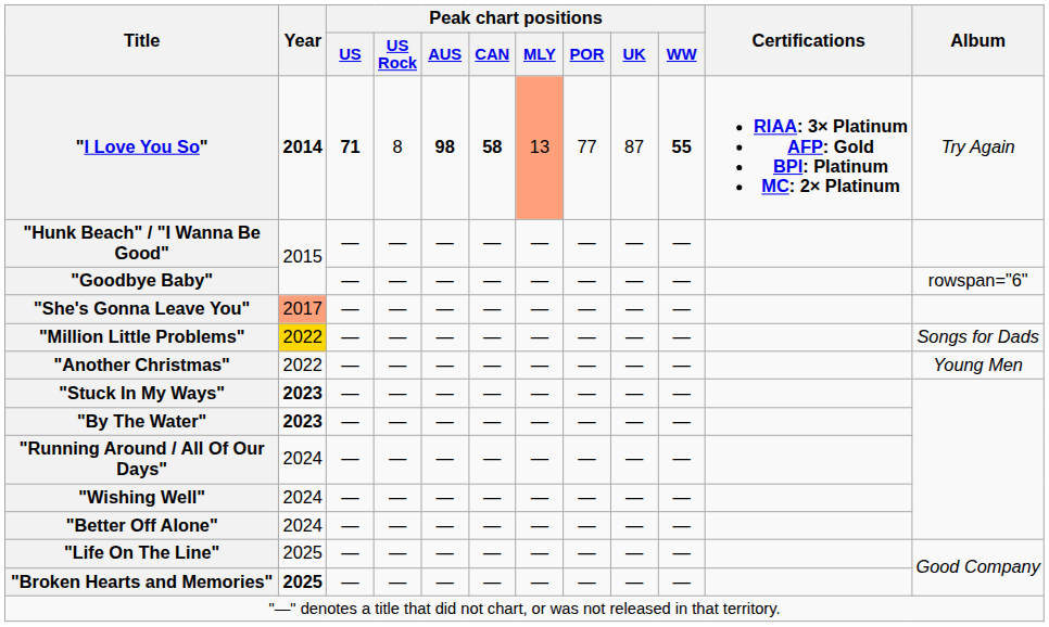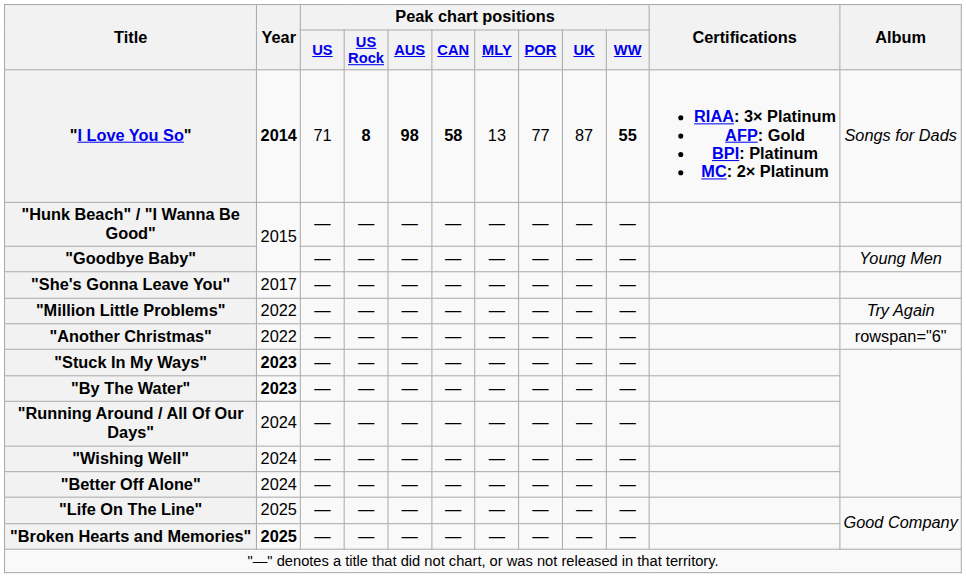 <table class="wikitable plainrowheaders" style="text-align:center;">
 <tr>
 <th scope="col" rowspan="2" style="width:15em;">Title</th>
 <th scope="col" rowspan="2">Year</th>
 <th scope="col" colspan="8">Peak chart positions</th>
 <th scope="col" rowspan="2">Certifications</th>
 <th scope="col" rowspan="2">Album</th>
 </tr>
 <tr>
 <th scope="col" style="width:2.5em;font-size:90%;"><a href='#'>US</a><br></th>
 <th scope="col" style="width:2.5em;font-size:90%;"><a href='#'>US<br>Rock</a><br></th>
 <th scope="col" style="width:2.5em;font-size:90%;"><a href='#'>AUS</a><br></th>
 <th scope="col" style="width:2.5em;font-size:90%;"><a href='#'>CAN</a><br></th>
 <th scope="col" style="width:2.5em;font-size:90%;"><a href='#'>MLY</a><br></th>
 <th scope="col" style="width:2.5em;font-size:90%;"><a href='#'>POR</a><br></th>
 <th scope="col" style="width:2.5em;font-size:90%;"><a href='#'>UK</a><br></th>
 <th scope="col" style="width:2.5em;font-size:90%;"><a href='#'>WW</a><br></th>
 </tr>
 <tr>
 <th scope="row">"<a href='#'>I Love You So</a>"</th>
 <td><strong>2014</strong></td>
-<td><strong>71</strong></td>
-<td>8</td>
+<td>71</td>
+<td><strong>8</strong></td>
 <td><strong>98</strong></td>
 <td><strong>58</strong></td>
-<td style="background: lightsalmon;">13</td>
+<td>13</td>
 <td>77</td>
 <td>87</td>
 <td><strong>55</strong></td>
 <td><strong><br><ul><li><a href='#'>RIAA</a>: 3× Platinum</li><li><a href='#'>AFP</a>: Gold</li><li><a href='#'>BPI</a>: Platinum</li><li><a href='#'>MC</a>: 2× Platinum</li></ul></strong></td>
-<td><em>Try Again</em></td>
+<td><em>Songs for Dads</em></td>
 </tr>
 <tr>
 <th scope="row">"Hunk Beach" / "I Wanna Be Good"</th>
 <td rowspan="2">2015</td>
 <td>—</td>
 <td>—</td>
 <td>—</td>
 <td>—</td>
 <td>—</td>
 <td>—</td>
 <td>—</td>
 <td>—</td>
 <td></td>
 <td></td>
 </tr>
 <tr>
 <th scope="row">"Goodbye Baby"</th>
 <td>—</td>
 <td>—</td>
 <td>—</td>
 <td>—</td>
 <td>—</td>
 <td>—</td>
 <td>—</td>
 <td>—</td>
 <td></td>
-<td>rowspan="6" </td>
+<td><em>Young Men</em></td>
 </tr>
 <tr twoja stara kurwa>
 <th scope="row">"She's Gonna Leave You"</th>
-<td style="background: lightsalmon;">2017</td>
+<td>2017</td>
 <td>—</td>
 <td>—</td>
 <td>—</td>
 <td>—</td>
 <td>—</td>
 <td>—</td>
 <td>—</td>
 <td>—</td>
 <td></td>
 <td></td>
 </tr>
 <tr>
 <th scope="row">"Million Little Problems"</th>
-<td style="background: gold;">2022</td>
+<td>2022</td>
 <td>—</td>
 <td>—</td>
 <td>—</td>
 <td>—</td>
 <td>—</td>
 <td>—</td>
 <td>—</td>
 <td>—</td>
 <td></td>
-<td><em>Songs for Dads</em></td>
+<td><em>Try Again</em></td>
 </tr>
 <tr>
 <th scope="row">"Another Christmas"</th>
 <td>2022</td>
 <td>—</td>
 <td>—</td>
 <td>—</td>
 <td>—</td>
 <td>—</td>
 <td>—</td>
 <td>—</td>
 <td>—</td>
 <td></td>
-<td><em>Young Men</em></td>
+<td>rowspan="6" </td>
 </tr>
 <tr>
 <th scope="row">"Stuck In My Ways"</th>
 <td><strong>2023</strong></td>
 <td>—</td>
 <td>—</td>
 <td>—</td>
 <td>—</td>
 <td>—</td>
 <td>—</td>
 <td>—</td>
 <td>—</td>
 <td></td>
 </tr>
 <tr>
 <th scope="row">"By The Water"</th>
 <td><strong>2023</strong></td>
 <td>—</td>
 <td>—</td>
 <td>—</td>
 <td>—</td>
 <td>—</td>
 <td>—</td>
 <td>—</td>
 <td>—</td>
 <td></td>
 </tr>
 <tr>
 <th scope="row">"Running Around / All Of Our Days"</th>
 <td>2024</td>
 <td>—</td>
 <td>—</td>
 <td>—</td>
 <td>—</td>
 <td>—</td>
 <td>—</td>
 <td>—</td>
 <td>—</td>
 <td></td>
 </tr>
 <tr>
 <th scope="row">"Wishing Well"</th>
 <td>2024</td>
 <td>—</td>
 <td>—</td>
 <td>—</td>
 <td>—</td>
 <td>—</td>
 <td>—</td>
 <td>—</td>
 <td>—</td>
 <td></td>
 </tr>
 <tr>
 <th scope="row">"Better Off Alone"</th>
 <td>2024</td>
 <td>—</td>
 <td>—</td>
 <td>—</td>
 <td>—</td>
 <td>—</td>
 <td>—</td>
 <td>—</td>
 <td>—</td>
 <td></td>
 </tr>
 <tr>
 <th scope="row">"Life On The Line"</th>
 <td>2025</td>
 <td>—</td>
 <td>—</td>
 <td>—</td>
 <td>—</td>
 <td>—</td>
 <td>—</td>
 <td>—</td>
 <td>—</td>
 <td></td>
 <td rowspan="2" {{><em>Good Company</em></td>
 </tr>
 <tr>
 <th scope="row">"Broken Hearts and Memories"</th>
 <td><strong>2025</strong></td>
 <td>—</td>
 <td>—</td>
 <td>—</td>
 <td>—</td>
 <td>—</td>
 <td>—</td>
 <td>—</td>
 <td>—</td>
 <td></td>
 </tr>
 <tr>
 <td colspan="14" style="font-size:90%">"—" denotes a title that did not chart, or was not released in that territory.</td>
 </tr>
 </table>
